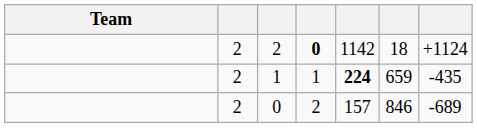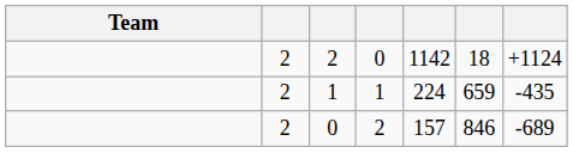 <table class="wikitable" style="text-align: center; font-size: 90%;">
 <tr>
 <th width=165>Team</th>
 <th width=25></th>
 <th width=25></th>
 <th width=25></th>
 <th width=25></th>
 <th width=25></th>
 <th width=25></th>
 </tr>
 <tr>
 <td style="text-align:left;"></td>
 <td>2</td>
 <td>2</td>
-<td><strong>0</strong></td>
+<td>0</td>
 <td>1142</td>
 <td>18</td>
 <td>+1124</td>
 </tr>
 <tr>
 <td style="text-align:left;"></td>
 <td>2</td>
 <td>1</td>
 <td>1</td>
-<td><strong>224</strong></td>
+<td>224</td>
 <td>659</td>
 <td>-435</td>
 </tr>
 <tr>
 <td style="text-align:left;"></td>
 <td>2</td>
 <td>0</td>
 <td>2</td>
 <td>157</td>
 <td>846</td>
 <td>-689</td>
 </tr>
 </table>
